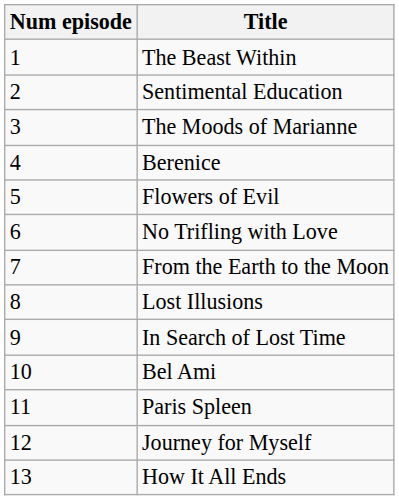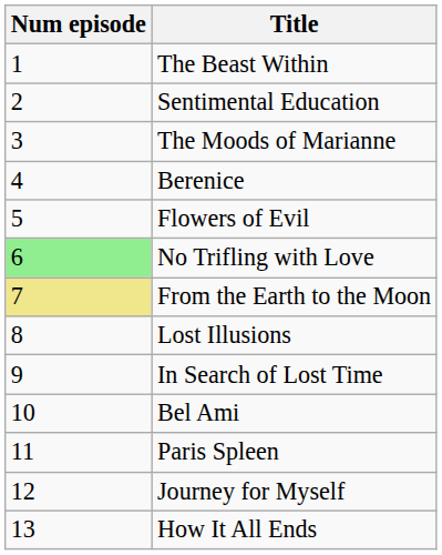 <table class="wikitable">
 <tr>
 <th>Num episode</th>
 <th>Title</th>
 </tr>
 <tr>
 <td>1</td>
 <td>The Beast Within</td>
 </tr>
 <tr>
 <td>2</td>
 <td>Sentimental Education</td>
 </tr>
 <tr>
 <td>3</td>
 <td>The Moods of Marianne</td>
 </tr>
 <tr>
 <td>4</td>
 <td>Berenice</td>
 </tr>
 <tr>
 <td>5</td>
 <td>Flowers of Evil</td>
 </tr>
 <tr>
-<td>6</td>
+<td style="background: lightgreen;">6</td>
 <td>No Trifling with Love</td>
 </tr>
 <tr>
-<td>7</td>
+<td style="background: khaki;">7</td>
 <td>From the Earth to the Moon</td>
 </tr>
 <tr>
 <td>8</td>
 <td>Lost Illusions</td>
 </tr>
 <tr>
 <td>9</td>
 <td>In Search of Lost Time</td>
 </tr>
 <tr>
 <td>10</td>
 <td>Bel Ami</td>
 </tr>
 <tr>
 <td>11</td>
 <td>Paris Spleen</td>
 </tr>
 <tr>
 <td>12</td>
 <td>Journey for Myself</td>
 </tr>
 <tr>
 <td>13</td>
 <td>How It All Ends</td>
 </tr>
 </table>
